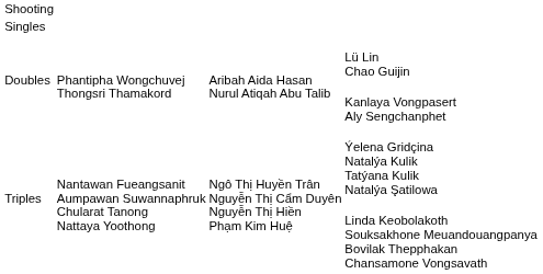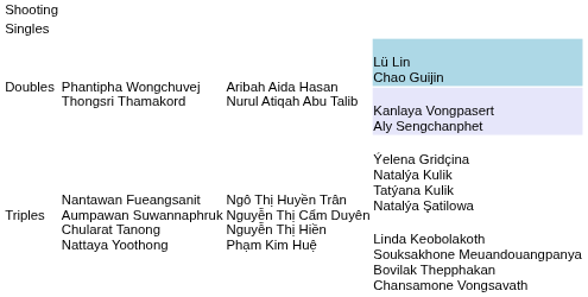 <table>
 <tr>
 <td rowspan=2>Shooting</td>
 <td rowspan=2></td>
 <td rowspan=2></td>
 <td></td>
 </tr>
 <tr>
 <td></td>
 </tr>
 <tr>
 <td rowspan=2>Singles</td>
 <td rowspan=2></td>
 <td rowspan=2></td>
 <td></td>
 </tr>
 <tr>
 <td></td>
 </tr>
 <tr>
 <td rowspan=2>Doubles</td>
 <td rowspan=2><br>Phantipha Wongchuvej<br>Thongsri Thamakord</td>
 <td rowspan=2><br>Aribah Aida Hasan<br>Nurul Atiqah Abu Talib</td>
-<td><br>Lü Lin<br>Chao Guijin</td>
+<td style="background: lightblue;"><br>Lü Lin<br>Chao Guijin</td>
 </tr>
 <tr>
-<td><br>Kanlaya Vongpasert<br>Aly Sengchanphet</td>
+<td style="background: lavender;"><br>Kanlaya Vongpasert<br>Aly Sengchanphet</td>
 </tr>
 <tr>
 <td rowspan=2>Triples</td>
 <td rowspan=2><br>Nantawan Fueangsanit<br>Aumpawan Suwannaphruk<br>Chularat Tanong<br>Nattaya Yoothong</td>
 <td rowspan=2><br>Ngô Thị Huyền Trân<br>Nguyễn Thị Cẩm Duyên<br>Nguyễn Thị Hiền<br>Phạm Kim Huệ</td>
 <td><br>Ýelena Gridçina<br>Natalýa Kulik<br>Tatýana Kulik<br>Natalýa Şatilowa</td>
 </tr>
 <tr>
 <td><br>Linda Keobolakoth<br>Souksakhone Meuandouangpanya<br>Bovilak Thepphakan<br>Chansamone Vongsavath</td>
 </tr>
 </table>
